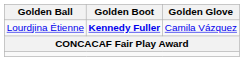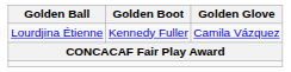 <table class="wikitable" style="margin:auto">
 <tr>
 <th>Golden Ball</th>
 <th>Golden Boot</th>
 <th>Golden Glove</th>
 </tr>
 <tr>
 <td> <a href='#'>Lourdjina Étienne</a></td>
-<td><strong> <a href='#'>Kennedy Fuller</a></strong></td>
+<td> <a href='#'>Kennedy Fuller</a></td>
 <td> <a href='#'>Camila Vázquez</a></td>
 </tr>
 <tr>
 <th colspan="3">CONCACAF Fair Play Award</th>
 </tr>
 <tr>
 <td colspan="3" style="text-align:center;"></td>
 </tr>
 </table>
